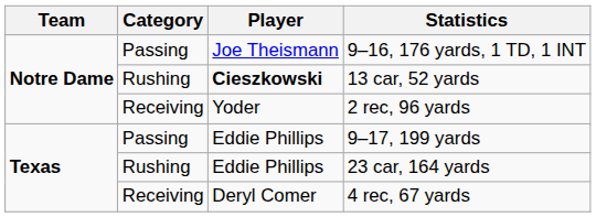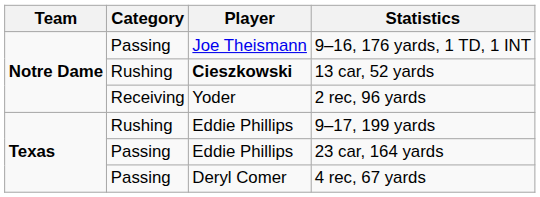 <table class="wikitable" style="float: right;">
 <tr>
 <th>Team</th>
 <th>Category</th>
 <th>Player</th>
 <th>Statistics</th>
 </tr>
 <tr>
 <td rowspan=3><strong>Notre Dame</strong></td>
 <td>Passing</td>
 <td><a href='#'>Joe Theismann</a></td>
 <td>9–16, 176 yards, 1 TD, 1 INT</td>
 </tr>
 <tr>
 <td>Rushing</td>
 <td><strong>Cieszkowski</strong></td>
 <td>13 car, 52 yards</td>
 </tr>
 <tr>
 <td>Receiving</td>
 <td>Yoder</td>
 <td>2 rec, 96 yards</td>
 </tr>
 <tr>
 <td rowspan=3><strong>Texas</strong></td>
-<td>Passing</td>
+<td>Rushing</td>
 <td>Eddie Phillips</td>
 <td>9–17, 199 yards</td>
 </tr>
 <tr>
-<td>Rushing</td>
+<td>Passing</td>
 <td>Eddie Phillips</td>
 <td>23 car, 164 yards</td>
 </tr>
 <tr>
-<td>Receiving</td>
+<td>Passing</td>
 <td>Deryl Comer</td>
 <td>4 rec, 67 yards</td>
 </tr>
 </table>
